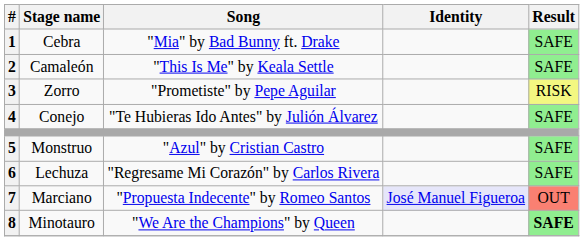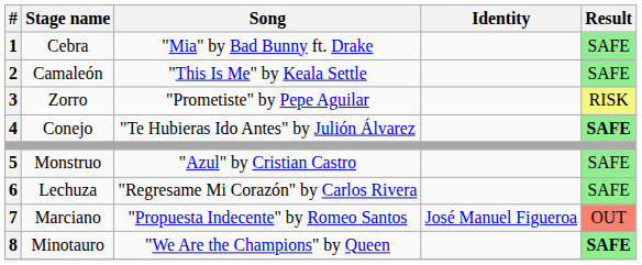 <table class="wikitable plainrowheaders" style="text-align: center;">
 <tr>
 <th>#</th>
 <th>Stage name</th>
 <th>Song</th>
 <th>Identity</th>
 <th>Result</th>
 </tr>
 <tr>
 <th>1</th>
 <td>Cebra</td>
 <td>"<a href='#'>Mia</a>" by <a href='#'>Bad Bunny</a> ft. <a href='#'>Drake</a></td>
 <td></td>
 <td bgcolor=lightgreen>SAFE</td>
 </tr>
 <tr>
 <th>2</th>
 <td>Camaleón</td>
 <td>"<a href='#'>This Is Me</a>" by <a href='#'>Keala Settle</a></td>
 <td></td>
 <td bgcolor=lightgreen>SAFE</td>
 </tr>
 <tr>
 <th>3</th>
 <td>Zorro</td>
 <td>"Prometiste" by <a href='#'>Pepe Aguilar</a></td>
 <td></td>
 <td bgcolor=#F3F781>RISK</td>
 </tr>
 <tr>
 <th>4</th>
 <td>Conejo</td>
 <td>"Te Hubieras Ido Antes" by <a href='#'>Julión Álvarez</a></td>
 <td></td>
-<td bgcolor=lightgreen>SAFE</td>
+<td bgcolor=lightgreen><strong>SAFE</strong></td>
 </tr>
 <tr>
 <td colspan="5" style="background:darkgray"></td>
 </tr>
 <tr>
 <th>5</th>
 <td>Monstruo</td>
 <td>"<a href='#'>Azul</a>" by <a href='#'>Cristian Castro</a></td>
 <td></td>
 <td bgcolor=lightgreen>SAFE</td>
 </tr>
 <tr>
 <th>6</th>
 <td>Lechuza</td>
 <td>"Regresame Mi Corazón" by <a href='#'>Carlos Rivera</a></td>
 <td></td>
 <td bgcolor=lightgreen>SAFE</td>
 </tr>
 <tr>
 <th>7</th>
 <td>Marciano</td>
 <td>"<a href='#'>Propuesta Indecente</a>" by <a href='#'>Romeo Santos</a></td>
-<td style="background: lavender;"><a href='#'>José Manuel Figueroa</a></td>
+<td><a href='#'>José Manuel Figueroa</a></td>
 <td bgcolor=salmon>OUT</td>
 </tr>
 <tr>
 <th>8</th>
 <td>Minotauro</td>
 <td>"<a href='#'>We Are the Champions</a>" by <a href='#'>Queen</a></td>
 <td></td>
 <td bgcolor=lightgreen><strong>SAFE</strong></td>
 </tr>
 <tr>
 </tr>
 </table>
